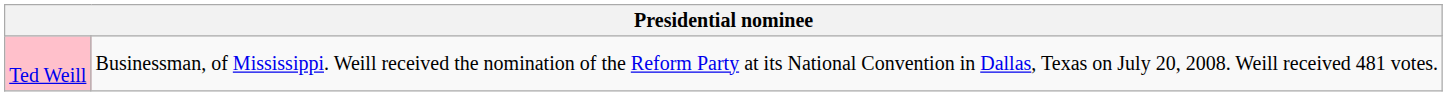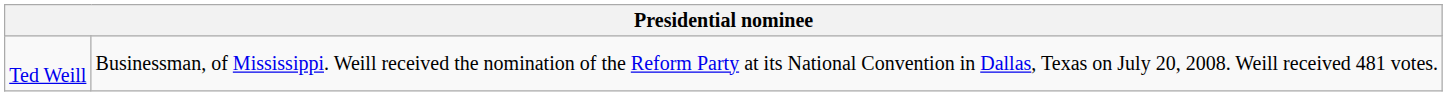 <table class=wikitable>
 <tr>
 <th colspan=3>Presidential nominee</th>
 </tr>
 <tr>
-<td style="background: pink;"><br><a href='#'>Ted Weill</a></td>
+<td><br><a href='#'>Ted Weill</a></td>
 <td>Businessman, of <a href='#'>Mississippi</a>. Weill received the nomination of the <a href='#'>Reform Party</a> at its National Convention in <a href='#'>Dallas</a>, Texas on July 20, 2008. Weill received 481 votes.</td>
 </tr>
 </table>
